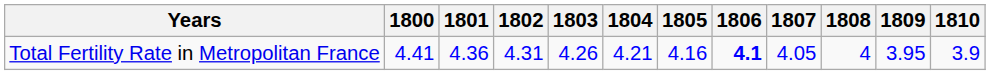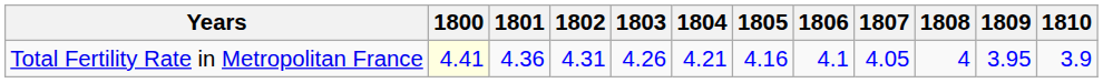 <table class="wikitable " style="text-align:right">
 <tr>
 <th>Years</th>
 <th>1800</th>
 <th>1801</th>
 <th>1802</th>
 <th>1803</th>
 <th>1804</th>
 <th>1805</th>
 <th>1806</th>
 <th>1807</th>
 <th>1808</th>
 <th>1809</th>
 <th>1810</th>
 </tr>
 <tr>
 <td style="text-align:left;"><a href='#'>Total Fertility Rate</a> in <a href='#'>Metropolitan France</a></td>
-<td style="text-align:right; color:blue;">4.41</td>
+<td style="background: lightyellow; text-align:right; color:blue;">4.41</td>
 <td style="text-align:right; color:blue;">4.36</td>
 <td style="text-align:right; color:blue;">4.31</td>
 <td style="text-align:right; color:blue;">4.26</td>
 <td style="text-align:right; color:blue;">4.21</td>
 <td style="text-align:right; color:blue;">4.16</td>
-<td style="text-align:right; color:blue;"><strong>4.1</strong></td>
+<td style="text-align:right; color:blue;">4.1</td>
 <td style="text-align:right; color:blue;">4.05</td>
 <td style="text-align:right; color:blue;">4</td>
 <td style="text-align:right; color:blue;">3.95</td>
 <td style="text-align:right; color:blue;">3.9</td>
 </tr>
 </table>
